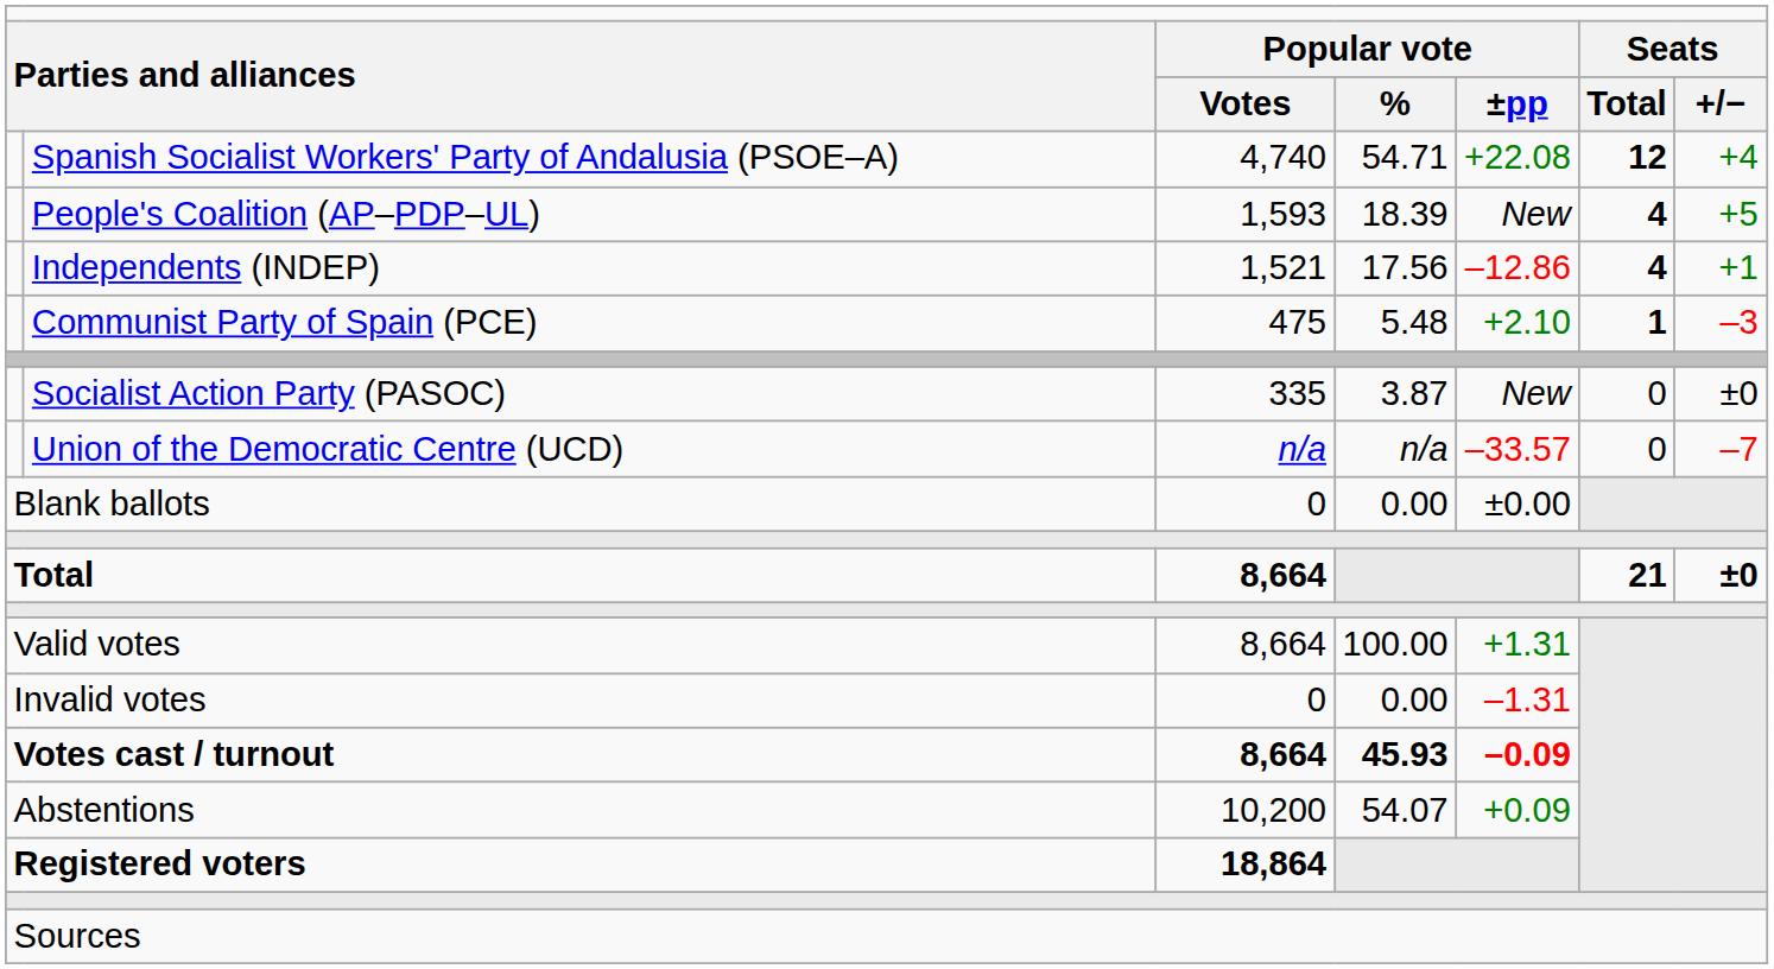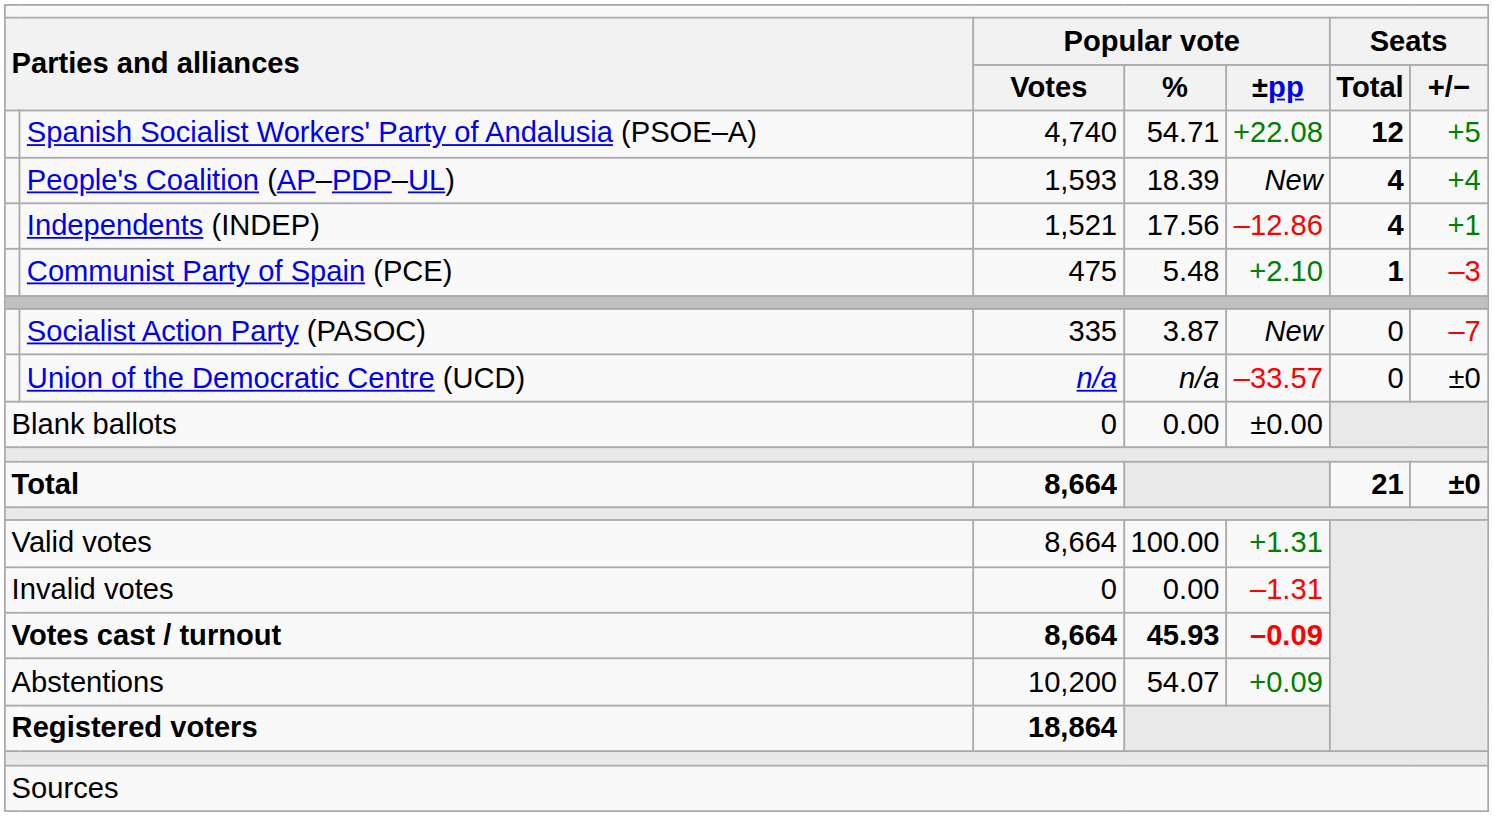 <table class="wikitable" style="text-align:right;">
 <tr>
 <td colspan="7"></td>
 </tr>
 <tr>
 <th style="text-align:left;" rowspan="2" colspan="2" width="525">Parties and alliances</th>
 <th colspan="3">Popular vote</th>
 <th colspan="2">Seats</th>
 </tr>
 <tr>
 <th width="75">Votes</th>
 <th width="45">%</th>
 <th width="45">±<a href='#'>pp</a></th>
 <th width="35">Total</th>
 <th width="35">+/−</th>
 </tr>
 <tr>
 <td width="1" style="color:inherit;background:"></td>
 <td align="left"><a href='#'>Spanish Socialist Workers' Party of Andalusia</a> (PSOE–A)</td>
 <td>4,740</td>
 <td>54.71</td>
 <td style="color:green;">+22.08</td>
 <td><strong>12</strong></td>
-<td style="color:green;">+4</td>
+<td style="color:green;">+5</td>
 </tr>
 <tr>
 <td style="color:inherit;background:"></td>
 <td align="left"><a href='#'>People's Coalition</a> (<a href='#'>AP</a>–<a href='#'>PDP</a>–<a href='#'>UL</a>)</td>
 <td>1,593</td>
 <td>18.39</td>
 <td><em>New</em></td>
 <td><strong>4</strong></td>
-<td style="color:green;">+5</td>
+<td style="color:green;">+4</td>
 </tr>
 <tr>
 <td style="color:inherit;background:"></td>
 <td align="left"><a href='#'>Independents</a> (INDEP)</td>
 <td>1,521</td>
 <td>17.56</td>
 <td style="color:red;">–12.86</td>
 <td><strong>4</strong></td>
 <td style="color:green;">+1</td>
 </tr>
 <tr>
 <td style="color:inherit;background:"></td>
 <td align="left"><a href='#'>Communist Party of Spain</a> (PCE)</td>
 <td>475</td>
 <td>5.48</td>
 <td style="color:green;">+2.10</td>
 <td><strong>1</strong></td>
 <td style="color:red;">–3</td>
 </tr>
 <tr>
 <td colspan="7" bgcolor="#C0C0C0"></td>
 </tr>
 <tr>
 <td style="color:inherit;background:"></td>
 <td align="left"><a href='#'>Socialist Action Party</a> (PASOC)</td>
 <td>335</td>
 <td>3.87</td>
 <td><em>New</em></td>
 <td>0</td>
-<td>±0</td>
+<td style="color:red;">–7</td>
 </tr>
 <tr>
 <td style="color:inherit;background:"></td>
 <td align="left"><a href='#'>Union of the Democratic Centre</a> (UCD)</td>
 <td><em><a href='#'>n/a</a></em></td>
 <td><em>n/a</em></td>
 <td style="color:red;">–33.57</td>
 <td>0</td>
-<td style="color:red;">–7</td>
+<td>±0</td>
 </tr>
 <tr>
 <td align="left" colspan="2">Blank ballots</td>
 <td>0</td>
 <td>0.00</td>
 <td>±0.00</td>
 <td bgcolor="#E9E9E9" colspan="2"></td>
 </tr>
 <tr>
 <td colspan="7" bgcolor="#E9E9E9"></td>
 </tr>
 <tr style="font-weight:bold;">
 <td align="left" colspan="2">Total</td>
 <td>8,664</td>
 <td bgcolor="#E9E9E9" colspan="2"></td>
 <td>21</td>
 <td>±0</td>
 </tr>
 <tr>
 <td colspan="7" bgcolor="#E9E9E9"></td>
 </tr>
 <tr>
 <td align="left" colspan="2">Valid votes</td>
 <td>8,664</td>
 <td>100.00</td>
 <td style="color:green;">+1.31</td>
 <td bgcolor="#E9E9E9" colspan="2" rowspan="5"></td>
 </tr>
 <tr>
 <td align="left" colspan="2">Invalid votes</td>
 <td>0</td>
 <td>0.00</td>
 <td style="color:red;">–1.31</td>
 </tr>
 <tr style="font-weight:bold;">
 <td align="left" colspan="2">Votes cast / turnout</td>
 <td>8,664</td>
 <td>45.93</td>
 <td style="color:red;">–0.09</td>
 </tr>
 <tr>
 <td align="left" colspan="2">Abstentions</td>
 <td>10,200</td>
 <td>54.07</td>
 <td style="color:green;">+0.09</td>
 </tr>
 <tr style="font-weight:bold;">
 <td align="left" colspan="2">Registered voters</td>
 <td>18,864</td>
 <td bgcolor="#E9E9E9" colspan="2"></td>
 </tr>
 <tr>
 <td colspan="7" bgcolor="#E9E9E9"></td>
 </tr>
 <tr>
 <td align="left" colspan="7">Sources</td>
 </tr>
 </table>
